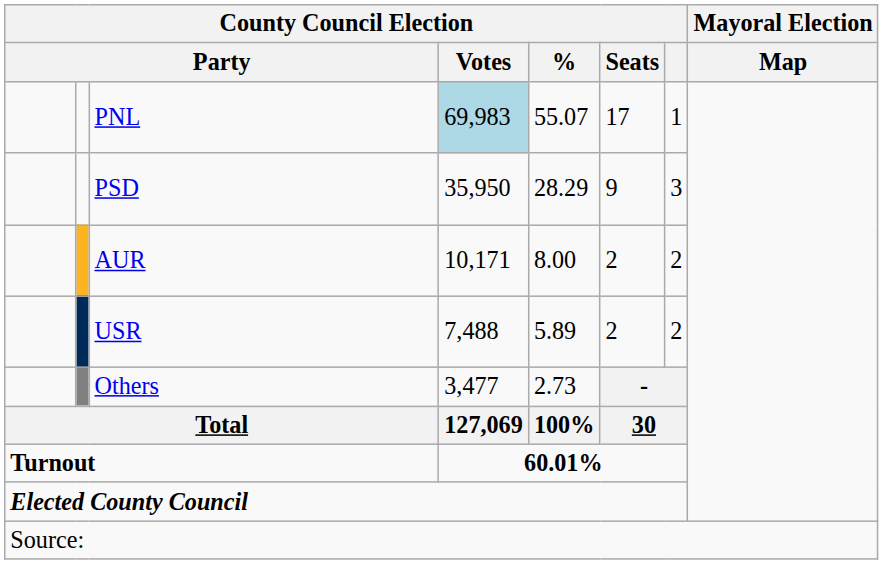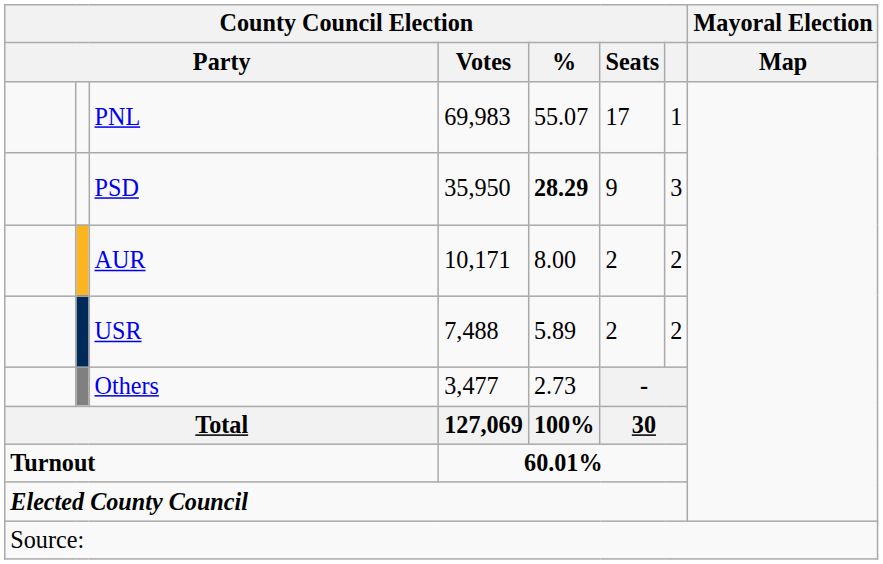 <table class="wikitable" style="text-align:left">
 <tr>
 <th colspan="7">County Council Election</th>
 <th>Mayoral Election</th>
 </tr>
 <tr>
 <th colspan="3" width="280">Party</th>
 <th>Votes</th>
 <th>%</th>
 <th>Seats</th>
 <th></th>
 <th>Map</th>
 </tr>
 <tr>
 <td width="40" height="40"></td>
 <td style="color:inherit;background:"></td>
 <td align="left"><a href='#'>PNL</a></td>
-<td style="background: lightblue;">69,983</td>
+<td>69,983</td>
 <td>55.07</td>
 <td>17</td>
 <td>1</td>
 <td rowspan="8"></td>
 </tr>
 <tr>
 <td height="40"></td>
 <td width="1" style="color:inherit;background:"></td>
 <td align="left"><a href='#'>PSD</a></td>
 <td>35,950</td>
-<td>28.29</td>
+<td><strong>28.29</strong></td>
 <td>9</td>
 <td>3</td>
 </tr>
 <tr>
 <td height="40"></td>
 <td style="background:#FCB521;"></td>
 <td align="left"><a href='#'>AUR</a></td>
 <td>10,171</td>
 <td>8.00</td>
 <td>2</td>
 <td>2</td>
 </tr>
 <tr>
 <td height="40"></td>
 <td style="background:#002A59;"></td>
 <td align="left"><a href='#'>USR</a></td>
 <td>7,488</td>
 <td>5.89</td>
 <td>2</td>
 <td>2</td>
 </tr>
 <tr>
 <td></td>
 <td style="background-color:Grey "></td>
 <td align="left"><a href='#'>Others</a></td>
 <td>3,477</td>
 <td>2.73</td>
 <th colspan="2">-</th>
 </tr>
 <tr>
 <th colspan="3"><strong><u>Total</u></strong></th>
 <th style="text-align:left">127,069</th>
 <th style="text-align:left">100%</th>
 <th colspan="2"><strong><u>30</u></strong></th>
 </tr>
 <tr>
 <td colspan="3"><strong>Turnout</strong></td>
 <td colspan="4" style="text-align: center"><strong>60.01%</strong></td>
 </tr>
 <tr>
 <td colspan="7"><strong><em>Elected County Council</em></strong></td>
 </tr>
 <tr>
 <td colspan="8">Source: </td>
 </tr>
 </table>
